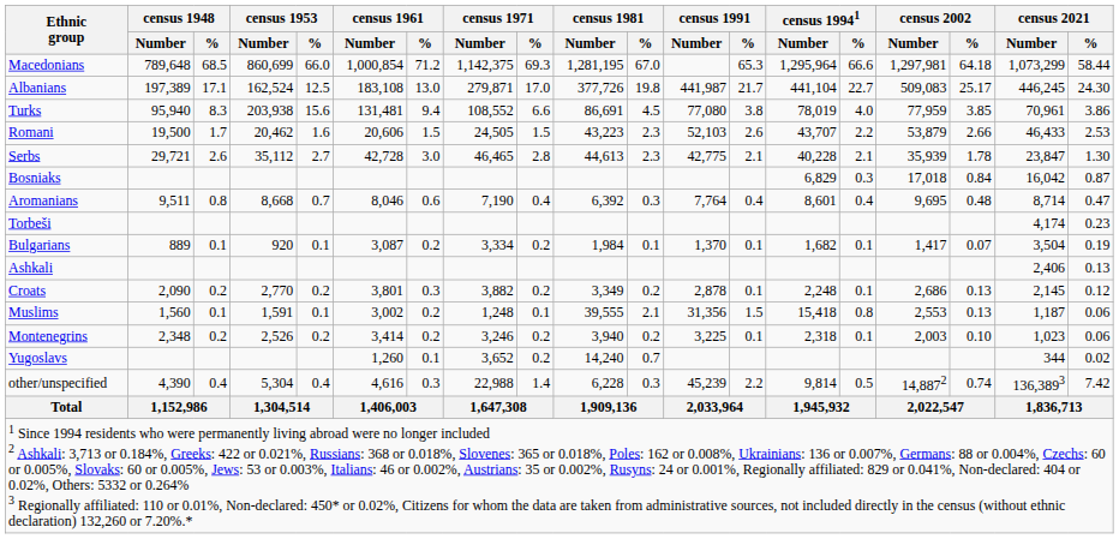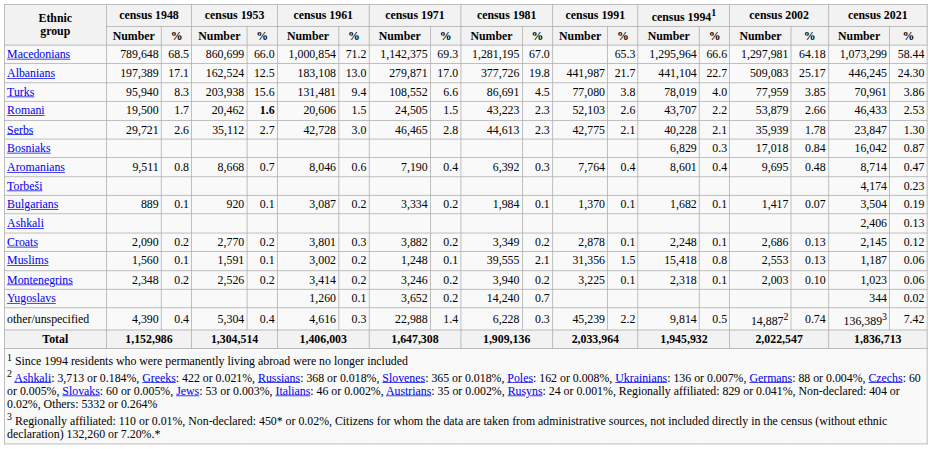 <table class="wikitable">
 <tr bgcolor="#e0e0e0">
 <th rowspan="2">Ethnic<br>group</th>
 <th colspan="2">census 1948</th>
 <th colspan="2">census 1953</th>
 <th colspan="2">census 1961</th>
 <th colspan="2">census 1971</th>
 <th colspan="2">census 1981</th>
 <th colspan="2">census 1991</th>
 <th colspan="2">census 1994<sup>1</sup></th>
 <th colspan="2">census 2002</th>
 <th colspan="2">census 2021</th>
 </tr>
 <tr bgcolor="#e0e0e0">
 <th>Number</th>
 <th>%</th>
 <th>Number</th>
 <th>%</th>
 <th>Number</th>
 <th>%</th>
 <th>Number</th>
 <th>%</th>
 <th>Number</th>
 <th>%</th>
 <th>Number</th>
 <th>%</th>
 <th>Number</th>
 <th>%</th>
 <th>Number</th>
 <th>%</th>
 <th>Number</th>
 <th>%</th>
 </tr>
 <tr>
 <td><a href='#'>Macedonians</a></td>
 <td align="right">789,648</td>
 <td align="right">68.5</td>
 <td align="right">860,699</td>
 <td align="right">66.0</td>
 <td align="right">1,000,854</td>
 <td align="right">71.2</td>
 <td align="right">1,142,375</td>
 <td align="right">69.3</td>
 <td align="right">1,281,195</td>
 <td align="right">67.0</td>
 <td align="right"></td>
 <td align="right">65.3</td>
 <td align="right">1,295,964</td>
 <td align="right">66.6</td>
 <td align="right">1,297,981</td>
 <td align="right">64.18</td>
 <td align="right">1,073,299</td>
 <td align="right">58.44</td>
 </tr>
 <tr>
 <td><a href='#'>Albanians</a></td>
 <td align="right">197,389</td>
 <td align="right">17.1</td>
 <td align="right">162,524</td>
 <td align="right">12.5</td>
 <td align="right">183,108</td>
 <td align="right">13.0</td>
 <td align="right">279,871</td>
 <td align="right">17.0</td>
 <td align="right">377,726</td>
 <td align="right">19.8</td>
 <td align="right">441,987</td>
 <td align="right">21.7</td>
 <td align="right">441,104</td>
 <td align="right">22.7</td>
 <td align="right">509,083</td>
 <td align="right">25.17</td>
 <td align="right">446,245</td>
 <td align="right">24.30</td>
 </tr>
 <tr>
 <td><a href='#'>Turks</a></td>
 <td align="right">95,940</td>
 <td align="right">8.3</td>
 <td align="right">203,938</td>
 <td align="right">15.6</td>
 <td align="right">131,481</td>
 <td align="right">9.4</td>
 <td align="right">108,552</td>
 <td align="right">6.6</td>
 <td align="right">86,691</td>
 <td align="right">4.5</td>
 <td align="right">77,080</td>
 <td align="right">3.8</td>
 <td align="right">78,019</td>
 <td align="right">4.0</td>
 <td align="right">77,959</td>
 <td align="right">3.85</td>
 <td align="right">70,961</td>
 <td align="right">3.86</td>
 </tr>
 <tr>
 <td><a href='#'>Romani</a></td>
 <td align="right">19,500</td>
 <td align="right">1.7</td>
 <td align="right">20,462</td>
-<td align="right">1.6</td>
+<td align="right"><strong>1.6</strong></td>
 <td align="right">20,606</td>
 <td align="right">1.5</td>
 <td align="right">24,505</td>
 <td align="right">1.5</td>
 <td align="right">43,223</td>
 <td align="right">2.3</td>
 <td align="right">52,103</td>
 <td align="right">2.6</td>
 <td align="right">43,707</td>
 <td align="right">2.2</td>
 <td align="right">53,879</td>
 <td align="right">2.66</td>
 <td align="right">46,433</td>
 <td align="right">2.53</td>
 </tr>
 <tr>
 <td><a href='#'>Serbs</a></td>
 <td align="right">29,721</td>
 <td align="right">2.6</td>
 <td align="right">35,112</td>
 <td align="right">2.7</td>
 <td align="right">42,728</td>
 <td align="right">3.0</td>
 <td align="right">46,465</td>
 <td align="right">2.8</td>
 <td align="right">44,613</td>
 <td align="right">2.3</td>
 <td align="right">42,775</td>
 <td align="right">2.1</td>
 <td align="right">40,228</td>
 <td align="right">2.1</td>
 <td align="right">35,939</td>
 <td align="right">1.78</td>
 <td align="right">23,847</td>
 <td align="right">1.30</td>
 </tr>
 <tr>
 <td><a href='#'>Bosniaks</a></td>
 <td align="right"></td>
 <td align="right"></td>
 <td align="right"></td>
 <td align="right"></td>
 <td align="right"></td>
 <td align="right"></td>
 <td align="right"></td>
 <td align="right"></td>
 <td align="right"></td>
 <td align="right"></td>
 <td align="right"></td>
 <td align="right"></td>
 <td align="right">6,829</td>
 <td align="right">0.3</td>
 <td align="right">17,018</td>
 <td align="right">0.84</td>
 <td align="right">16,042</td>
 <td align="right">0.87</td>
 </tr>
 <tr>
 <td><a href='#'>Aromanians</a></td>
 <td align="right">9,511</td>
 <td align="right">0.8</td>
 <td align="right">8,668</td>
 <td align="right">0.7</td>
 <td align="right">8,046</td>
 <td align="right">0.6</td>
 <td align="right">7,190</td>
 <td align="right">0.4</td>
 <td align="right">6,392</td>
 <td align="right">0.3</td>
 <td align="right">7,764</td>
 <td align="right">0.4</td>
 <td align="right">8,601</td>
 <td align="right">0.4</td>
 <td align="right">9,695</td>
 <td align="right">0.48</td>
 <td align="right">8,714</td>
 <td align="right">0.47</td>
 </tr>
 <tr>
 <td><a href='#'>Torbeši</a></td>
 <td></td>
 <td></td>
 <td></td>
 <td></td>
 <td></td>
 <td></td>
 <td></td>
 <td></td>
 <td></td>
 <td></td>
 <td></td>
 <td></td>
 <td></td>
 <td></td>
 <td></td>
 <td></td>
 <td align="right">4,174</td>
 <td align="right">0.23</td>
 </tr>
 <tr>
 <td><a href='#'>Bulgarians</a></td>
 <td align="right">889</td>
 <td align="right">0.1</td>
 <td align="right">920</td>
 <td align="right">0.1</td>
 <td align="right">3,087</td>
 <td align="right">0.2</td>
 <td align="right">3,334</td>
 <td align="right">0.2</td>
 <td align="right">1,984</td>
 <td align="right">0.1</td>
 <td align="right">1,370</td>
 <td align="right">0.1</td>
 <td align="right">1,682</td>
 <td align="right">0.1</td>
 <td align="right">1,417</td>
 <td align="right">0.07</td>
 <td align="right">3,504</td>
 <td align="right">0.19</td>
 </tr>
 <tr>
 <td><a href='#'>Ashkali</a></td>
 <td></td>
 <td></td>
 <td></td>
 <td></td>
 <td></td>
 <td></td>
 <td></td>
 <td></td>
 <td></td>
 <td></td>
 <td></td>
 <td></td>
 <td></td>
 <td></td>
 <td></td>
 <td></td>
 <td align="right">2,406</td>
 <td align="right">0.13</td>
 </tr>
 <tr>
 <td><a href='#'>Croats</a></td>
 <td align="right">2,090</td>
 <td align="right">0.2</td>
 <td align="right">2,770</td>
 <td align="right">0.2</td>
 <td align="right">3,801</td>
 <td align="right">0.3</td>
 <td align="right">3,882</td>
 <td align="right">0.2</td>
 <td align="right">3,349</td>
 <td align="right">0.2</td>
 <td align="right">2,878</td>
 <td align="right">0.1</td>
 <td align="right">2,248</td>
 <td align="right">0.1</td>
 <td align="right">2,686</td>
 <td align="right">0.13</td>
 <td align="right">2,145</td>
 <td align="right">0.12</td>
 </tr>
 <tr>
 <td><a href='#'>Muslims</a></td>
 <td align="right">1,560</td>
 <td align="right">0.1</td>
 <td align="right">1,591</td>
 <td align="right">0.1</td>
 <td align="right">3,002</td>
 <td align="right">0.2</td>
 <td align="right">1,248</td>
 <td align="right">0.1</td>
 <td align="right">39,555</td>
 <td align="right">2.1</td>
 <td align="right">31,356</td>
 <td align="right">1.5</td>
 <td align="right">15,418</td>
 <td align="right">0.8</td>
 <td align="right">2,553</td>
 <td align="right">0.13</td>
 <td align="right">1,187</td>
 <td align="right">0.06</td>
 </tr>
 <tr>
 <td><a href='#'>Montenegrins</a></td>
 <td align="right">2,348</td>
 <td align="right">0.2</td>
 <td align="right">2,526</td>
 <td align="right">0.2</td>
 <td align="right">3,414</td>
 <td align="right">0.2</td>
 <td align="right">3,246</td>
 <td align="right">0.2</td>
 <td align="right">3,940</td>
 <td align="right">0.2</td>
 <td align="right">3,225</td>
 <td align="right">0.1</td>
 <td align="right">2,318</td>
 <td align="right">0.1</td>
 <td align="right">2,003</td>
 <td align="right">0.10</td>
 <td align="right">1,023</td>
 <td align="right">0.06</td>
 </tr>
 <tr>
 <td><a href='#'>Yugoslavs</a></td>
 <td align="right"></td>
 <td align="right"></td>
 <td align="right"></td>
 <td align="right"></td>
 <td align="right">1,260</td>
 <td align="right">0.1</td>
 <td align="right">3,652</td>
 <td align="right">0.2</td>
 <td align="right">14,240</td>
 <td align="right">0.7</td>
 <td align="right"></td>
 <td align="right"></td>
 <td align="right"></td>
 <td align="right"></td>
 <td align="right"></td>
 <td align="right"></td>
 <td align="right">344</td>
 <td align="right">0.02</td>
 </tr>
 <tr>
 <td>other/unspecified </td>
 <td align="right">4,390</td>
 <td align="right">0.4</td>
 <td align="right">5,304</td>
 <td align="right">0.4</td>
 <td align="right">4,616</td>
 <td align="right">0.3</td>
 <td align="right">22,988</td>
 <td align="right">1.4</td>
 <td align="right">6,228</td>
 <td align="right">0.3</td>
 <td align="right">45,239</td>
 <td align="right">2.2</td>
 <td align="right">9,814</td>
 <td align="right">0.5</td>
 <td align="right">14,887<sup>2</sup></td>
 <td align="right">0.74</td>
 <td align="right">136,389<sup>3</sup></td>
 <td align="right">7.42</td>
 </tr>
 <tr bgcolor="#e0e0e0">
 <th align="left">Total</th>
 <th colspan="2">1,152,986</th>
 <th colspan="2">1,304,514</th>
 <th colspan="2">1,406,003</th>
 <th colspan="2">1,647,308</th>
 <th colspan="2">1,909,136</th>
 <th colspan="2">2,033,964</th>
 <th colspan="2">1,945,932</th>
 <th colspan="2">2,022,547</th>
 <th colspan="2">1,836,713</th>
 </tr>
 <tr>
 <td colspan="19"><sup>1</sup> Since 1994 residents who were permanently living abroad were no longer included<br><sup>2</sup> <a href='#'>Ashkali</a>: 3,713 or 0.184%, <a href='#'>Greeks</a>: 422 or 0.021%, <a href='#'>Russians</a>: 368 or 0.018%, <a href='#'>Slovenes</a>: 365 or 0.018%, <a href='#'>Poles</a>: 162 or 0.008%, <a href='#'>Ukrainians</a>: 136 or 0.007%, <a href='#'>Germans</a>: 88 or 0.004%, <a href='#'>Czechs</a>: 60 or 0.005%, <a href='#'>Slovaks</a>: 60 or 0.005%, <a href='#'>Jews</a>: 53 or 0.003%, <a href='#'>Italians</a>: 46 or 0.002%, <a href='#'>Austrians</a>: 35 or 0.002%, <a href='#'>Rusyns</a>: 24 or 0.001%, Regionally affiliated: 829 or 0.041%, Non-declared: 404 or 0.02%, Others: 5332 or 0.264%<br><sup>3</sup> Regionally affiliated: 110 or 0.01%, Non-declared: 450* or 0.02%, Citizens for whom the data are taken from administrative sources, not included directly in the census (without ethnic declaration) 132,260 or 7.20%.*</td>
 </tr>
 </table>
